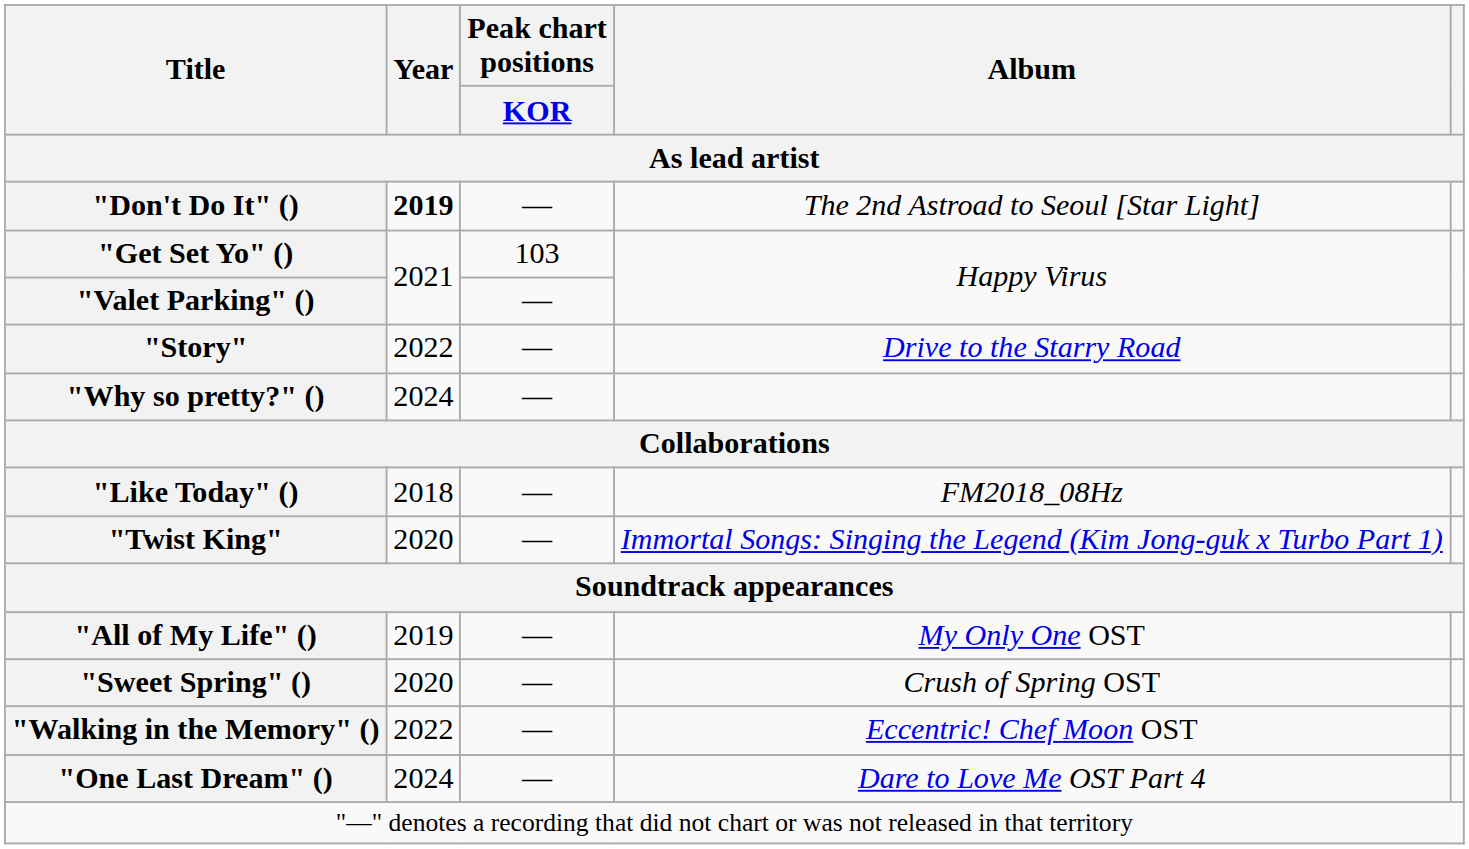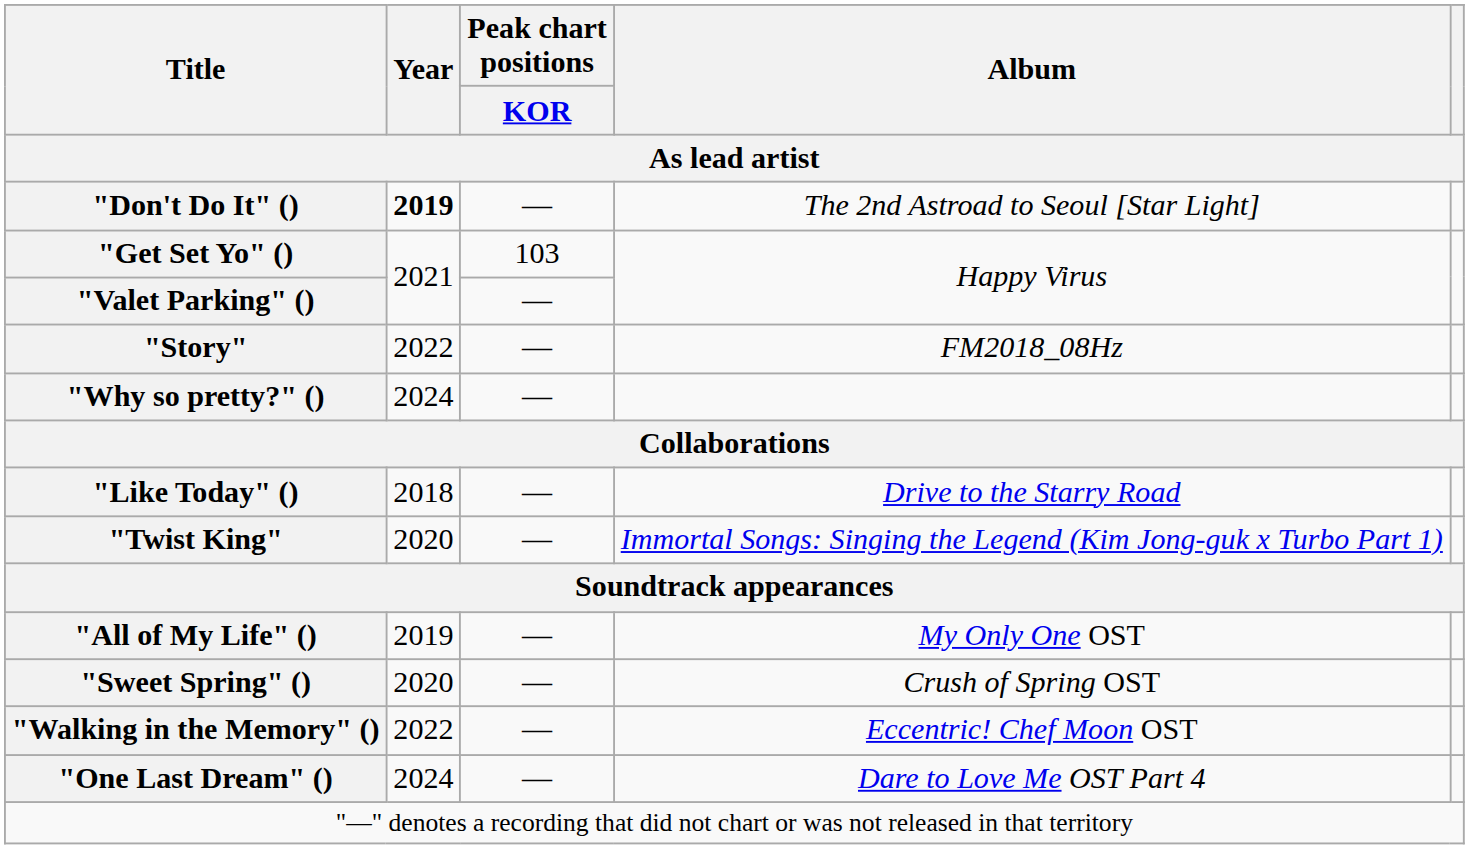 <table class="wikitable plainrowheaders" style="text-align:center">
 <tr>
 <th scope="col" rowspan="2">Title</th>
 <th scope="col" rowspan="2">Year</th>
 <th scope="col">Peak chart<br>positions</th>
 <th scope="col" rowspan="2">Album</th>
 <th scope="col" rowspan="2"></th>
 </tr>
 <tr>
 <th><a href='#'>KOR</a><br></th>
 </tr>
 <tr>
 <th scope="col" colspan="6">As lead artist</th>
 </tr>
 <tr>
 <th scope="row">"Don't Do It" ()</th>
 <td><strong>2019</strong></td>
 <td>—</td>
 <td><em>The 2nd Astroad to Seoul [Star Light]</em></td>
 <td></td>
 </tr>
 <tr>
 <th scope="row">"Get Set Yo" ()<br></th>
 <td rowspan="2">2021</td>
 <td>103</td>
 <td rowspan="2"><em>Happy Virus</em></td>
 <td rowspan="2"></td>
 </tr>
 <tr>
 <th scope="row">"Valet Parking" ()</th>
 <td>—</td>
 </tr>
 <tr>
 <th scope="row">"Story"</th>
 <td>2022</td>
 <td>—</td>
-<td><em><a href='#'>Drive to the Starry Road</a></em></td>
+<td><em>FM2018_08Hz</em></td>
 <td></td>
 </tr>
 <tr>
 <th scope="row">"Why so pretty?" ()</th>
 <td>2024</td>
 <td>—</td>
 <td></td>
 <td></td>
 </tr>
 <tr>
 <th scope="col" colspan="6">Collaborations</th>
 </tr>
 <tr>
 <th scope="row">"Like Today" ()<br></th>
 <td>2018</td>
 <td>—</td>
-<td><em>FM2018_08Hz</em></td>
+<td><em><a href='#'>Drive to the Starry Road</a></em></td>
 <td></td>
 </tr>
 <tr>
 <th scope="row">"Twist King" <br></th>
 <td>2020</td>
 <td>—</td>
 <td><em><a href='#'> Immortal Songs: Singing the Legend (Kim Jong-guk x Turbo Part 1)</a></em></td>
 <td></td>
 </tr>
 <tr>
 <th colspan="6">Soundtrack appearances</th>
 </tr>
 <tr>
 <th scope="row">"All of My Life" ()</th>
 <td>2019</td>
 <td>—</td>
 <td><em><a href='#'>My Only One</a></em> OST</td>
 <td></td>
 </tr>
 <tr>
 <th scope="row">"Sweet Spring" ()</th>
 <td>2020</td>
 <td>—</td>
 <td><em>Crush of Spring</em> OST</td>
 <td></td>
 </tr>
 <tr>
 <th scope="row">"Walking in the Memory" ()</th>
 <td>2022</td>
 <td>—</td>
 <td><em><a href='#'>Eccentric! Chef Moon</a></em> OST</td>
 <td></td>
 </tr>
 <tr>
 <th scope="row">"One Last Dream" ()</th>
 <td>2024</td>
 <td>—</td>
 <td><em><a href='#'>Dare to Love Me</a> OST Part 4</em></td>
 <td></td>
 </tr>
 <tr>
 <td colspan="6" style="font-size:85%">"—" denotes a recording that did not chart or was not released in that territory</td>
 </tr>
 </table>
